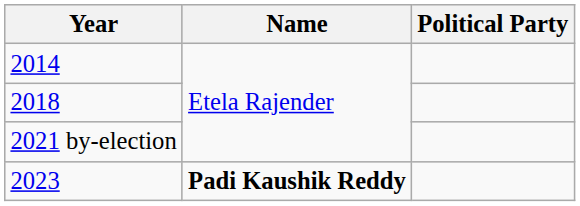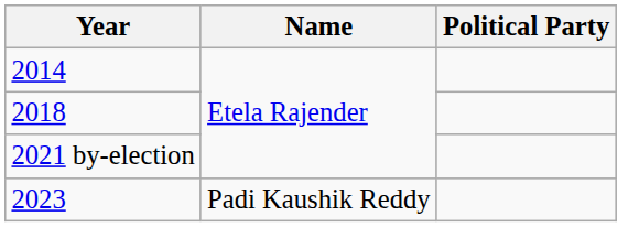 <table class="wikitable sortable">
 <tr>
 <th>Year</th>
 <th>Name</th>
 <th colspan="2">Political Party</th>
 </tr>
 <tr>
 <td><a href='#'>2014</a></td>
 <td rowspan="3"><a href='#'>Etela Rajender</a></td>
 <td></td>
 </tr>
 <tr>
 <td><a href='#'>2018</a></td>
 </tr>
 <tr>
 <td><a href='#'>2021</a> by-election</td>
 <td></td>
 </tr>
 <tr>
 <td><a href='#'>2023</a></td>
-<td rowspan="1"><strong>Padi Kaushik Reddy</strong></td>
+<td rowspan="1">Padi Kaushik Reddy</td>
 <td></td>
 </tr>
 </table>
